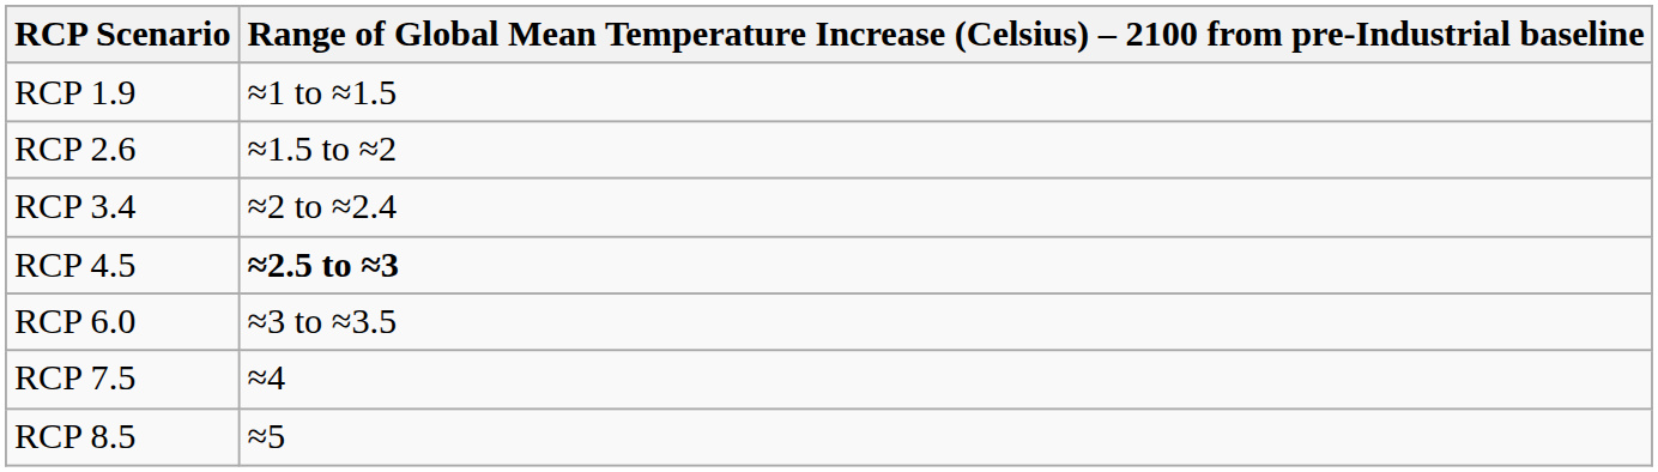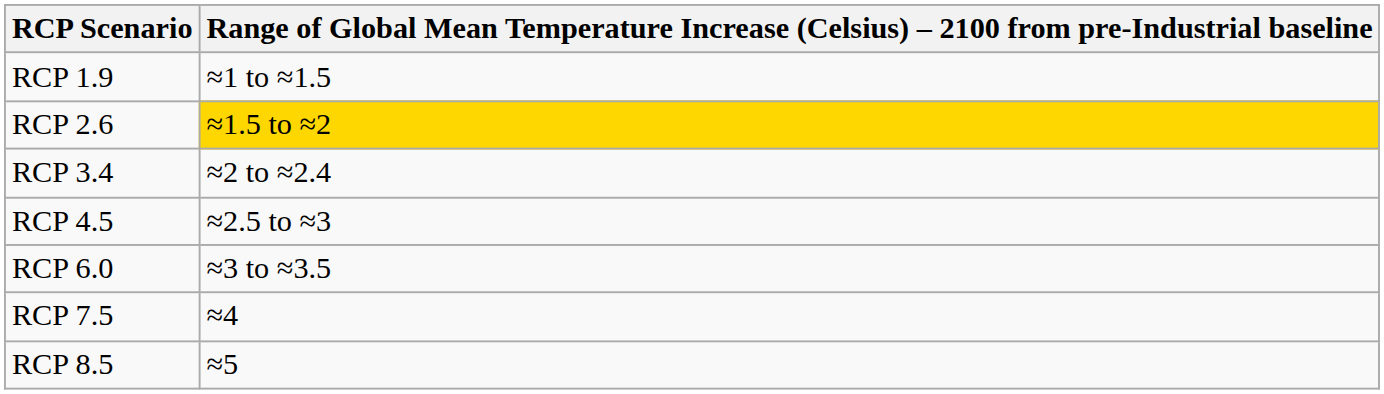 <table class="wikitable">
 <tr>
 <th>RCP Scenario</th>
 <th>Range of Global Mean Temperature Increase (Celsius) – 2100 from pre-Industrial baseline</th>
 </tr>
 <tr>
 <td>RCP 1.9</td>
 <td>≈1 to ≈1.5</td>
 </tr>
 <tr>
 <td>RCP 2.6</td>
-<td>≈1.5 to ≈2</td>
+<td style="background: gold;">≈1.5 to ≈2</td>
 </tr>
 <tr>
 <td>RCP 3.4</td>
 <td>≈2 to ≈2.4</td>
 </tr>
 <tr>
 <td>RCP 4.5</td>
-<td><strong>≈2.5 to ≈3</strong></td>
+<td>≈2.5 to ≈3</td>
 </tr>
 <tr>
 <td>RCP 6.0</td>
 <td>≈3 to ≈3.5</td>
 </tr>
 <tr>
 <td>RCP 7.5</td>
 <td>≈4</td>
 </tr>
 <tr>
 <td>RCP 8.5</td>
 <td>≈5</td>
 </tr>
 </table>
